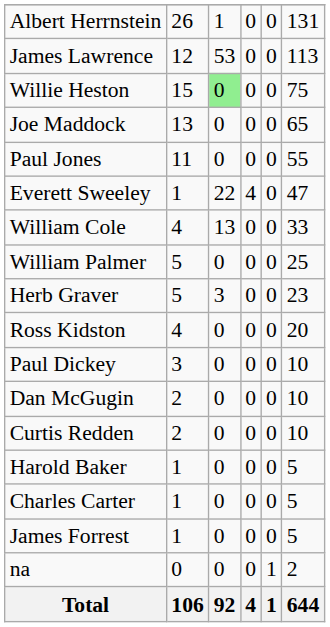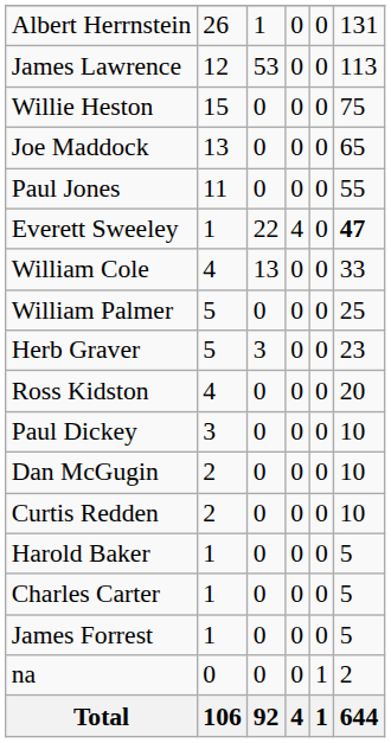 <table class="wikitable">
 <tr>
 </tr>
 <tr>
 <td>Albert Herrnstein</td>
 <td>26</td>
 <td>1</td>
 <td>0</td>
 <td>0</td>
 <td>131</td>
 </tr>
 <tr>
 <td>James Lawrence</td>
 <td>12</td>
 <td>53</td>
 <td>0</td>
 <td>0</td>
 <td>113</td>
 </tr>
 <tr>
 <td>Willie Heston</td>
 <td>15</td>
-<td style="background: lightgreen;">0</td>
+<td>0</td>
 <td>0</td>
 <td>0</td>
 <td>75</td>
 </tr>
 <tr>
 <td>Joe Maddock</td>
 <td>13</td>
 <td>0</td>
 <td>0</td>
 <td>0</td>
 <td>65</td>
 </tr>
 <tr>
 <td>Paul Jones</td>
 <td>11</td>
 <td>0</td>
 <td>0</td>
 <td>0</td>
 <td>55</td>
 </tr>
 <tr>
 <td>Everett Sweeley</td>
 <td>1</td>
 <td>22</td>
 <td>4</td>
 <td>0</td>
-<td>47</td>
+<td><strong>47</strong></td>
 </tr>
 <tr>
 <td>William Cole</td>
 <td>4</td>
 <td>13</td>
 <td>0</td>
 <td>0</td>
 <td>33</td>
 </tr>
 <tr>
 <td>William Palmer</td>
 <td>5</td>
 <td>0</td>
 <td>0</td>
 <td>0</td>
 <td>25</td>
 </tr>
 <tr>
 <td>Herb Graver</td>
 <td>5</td>
 <td>3</td>
 <td>0</td>
 <td>0</td>
 <td>23</td>
 </tr>
 <tr>
 <td>Ross Kidston</td>
 <td>4</td>
 <td>0</td>
 <td>0</td>
 <td>0</td>
 <td>20</td>
 </tr>
 <tr>
 <td>Paul Dickey</td>
 <td>3</td>
 <td>0</td>
 <td>0</td>
 <td>0</td>
 <td>10</td>
 </tr>
 <tr>
 <td>Dan McGugin</td>
 <td>2</td>
 <td>0</td>
 <td>0</td>
 <td>0</td>
 <td>10</td>
 </tr>
 <tr>
 <td>Curtis Redden</td>
 <td>2</td>
 <td>0</td>
 <td>0</td>
 <td>0</td>
 <td>10</td>
 </tr>
 <tr>
 <td>Harold Baker</td>
 <td>1</td>
 <td>0</td>
 <td>0</td>
 <td>0</td>
 <td>5</td>
 </tr>
 <tr>
 <td>Charles Carter</td>
 <td>1</td>
 <td>0</td>
 <td>0</td>
 <td>0</td>
 <td>5</td>
 </tr>
 <tr>
 <td>James Forrest</td>
 <td>1</td>
 <td>0</td>
 <td>0</td>
 <td>0</td>
 <td>5</td>
 </tr>
 <tr>
 <td>na</td>
 <td>0</td>
 <td>0</td>
 <td>0</td>
 <td>1</td>
 <td>2</td>
 </tr>
 <tr>
 <th>Total</th>
 <th>106</th>
 <th>92</th>
 <th>4</th>
 <th>1</th>
 <th>644</th>
 </tr>
 </table>
